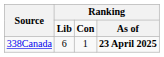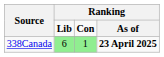 <table class="wikitable" style="text-align:center">
 <tr>
 <th rowspan="2">Source</th>
 <th colspan="6">Ranking</th>
 </tr>
 <tr>
 <td><strong>Lib</strong></td>
 <td><strong>Con</strong></td>
 <th>As of</th>
 </tr>
 <tr>
 <td><a href='#'>338Canada</a></td>
-<td>6</td>
-<td>1</td>
+<td style="background: lightgreen;">6</td>
+<td style="background: lightgreen;">1</td>
 <td><strong>23 April 2025</strong></td>
 </tr>
 </table>
